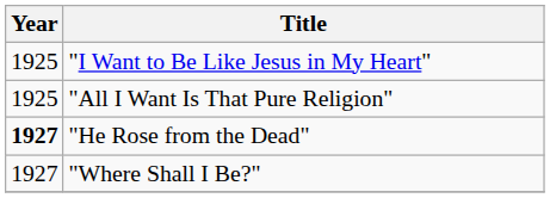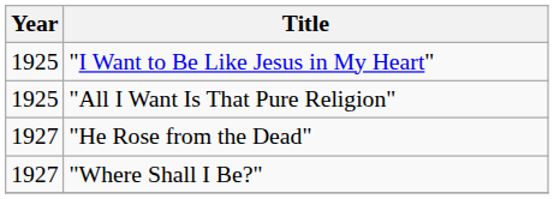 <table class="wikitable">
 <tr>
 <th>Year</th>
 <th width="320">Title</th>
 </tr>
 <tr>
 <td>1925</td>
 <td>"<a href='#'>I Want to Be Like Jesus in My Heart</a>"</td>
 </tr>
 <tr>
 <td>1925</td>
 <td>"All I Want Is That Pure Religion"</td>
 </tr>
 <tr>
-<td><strong>1927</strong></td>
+<td>1927</td>
 <td>"He Rose from the Dead"</td>
 </tr>
 <tr>
 <td>1927</td>
 <td>"Where Shall I Be?"</td>
 </tr>
 <tr>
 </tr>
 </table>
